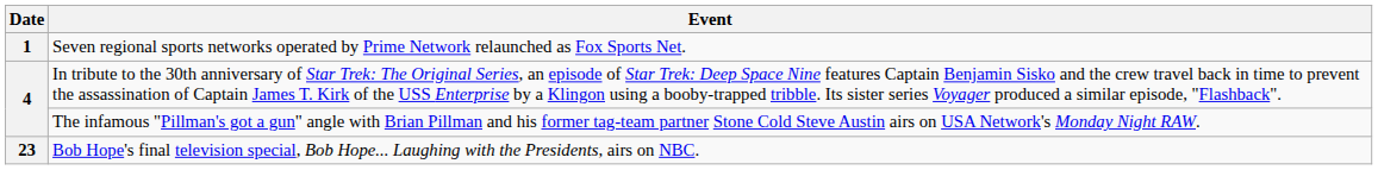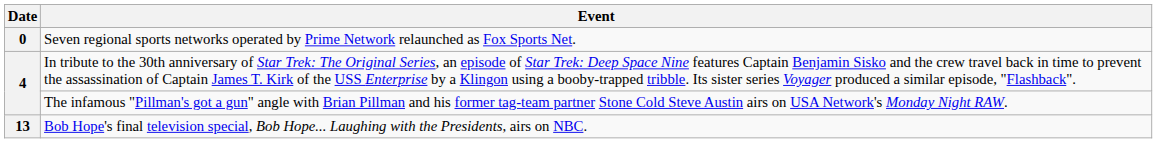 <table class="wikitable">
 <tr>
 <th>Date</th>
 <th>Event</th>
 </tr>
 <tr>
-<th>1</th>
+<th>0</th>
 <td>Seven regional sports networks operated by <a href='#'>Prime Network</a> relaunched as <a href='#'>Fox Sports Net</a>.</td>
 </tr>
 <tr>
 <th rowspan="2">4</th>
 <td>In tribute to the 30th anniversary of <em><a href='#'>Star Trek: The Original Series</a></em>, an <a href='#'>episode</a> of <em><a href='#'>Star Trek: Deep Space Nine</a></em> features Captain <a href='#'>Benjamin Sisko</a> and the crew travel back in time to prevent the assassination of Captain <a href='#'>James T. Kirk</a> of the <a href='#'>USS <em>Enterprise</em></a> by a <a href='#'>Klingon</a> using a booby-trapped <a href='#'>tribble</a>. Its sister series <em><a href='#'>Voyager</a></em> produced a similar episode, "<a href='#'>Flashback</a>".</td>
 </tr>
 <tr>
 <td>The infamous "<a href='#'>Pillman's got a gun</a>" angle with <a href='#'>Brian Pillman</a> and his <a href='#'>former tag-team partner</a> <a href='#'>Stone Cold Steve Austin</a> airs on <a href='#'>USA Network</a>'s <em><a href='#'>Monday Night RAW</a></em>.</td>
 </tr>
 <tr>
-<th>23</th>
+<th>13</th>
 <td><a href='#'>Bob Hope</a>'s final <a href='#'>television special</a>, <em>Bob Hope... Laughing with the Presidents</em>, airs on <a href='#'>NBC</a>.</td>
 </tr>
 </table>
